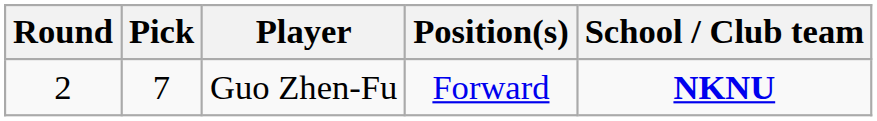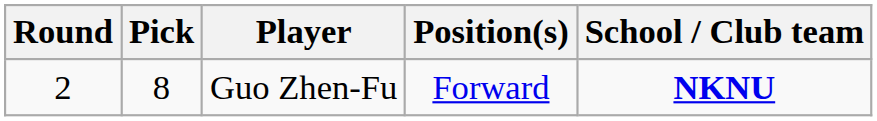 <table class="wikitable sortable sortable">
 <tr>
 <th>Round</th>
 <th>Pick</th>
 <th>Player</th>
 <th>Position(s)</th>
 <th>School / Club team</th>
 </tr>
 <tr style="text-align: center">
 <td>2</td>
-<td>7</td>
+<td>8</td>
 <td>Guo Zhen-Fu</td>
 <td><a href='#'>Forward</a></td>
 <td><strong><a href='#'>NKNU</a></strong></td>
 </tr>
 </table>
